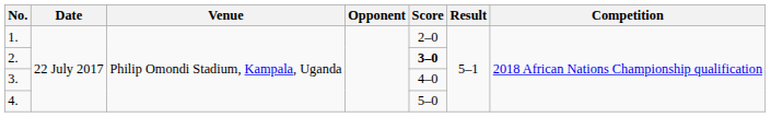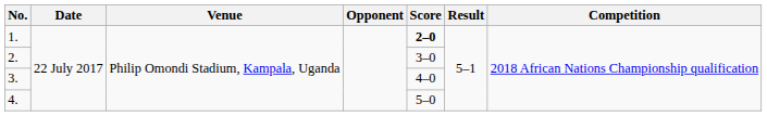 <table class="wikitable" style="font-size:100%;">
 <tr>
 <th>No.</th>
 <th>Date</th>
 <th>Venue</th>
 <th>Opponent</th>
 <th>Score</th>
 <th>Result</th>
 <th>Competition</th>
 </tr>
 <tr>
 <td>1.</td>
 <td rowspan="4">22 July 2017</td>
 <td rowspan="4">Philip Omondi Stadium, <a href='#'>Kampala</a>, Uganda</td>
 <td rowspan="4"></td>
-<td align=center>2–0</td>
+<td align=center><strong>2–0</strong></td>
 <td rowspan="4" style="text-align:center">5–1</td>
 <td rowspan="4"><a href='#'>2018 African Nations Championship qualification</a></td>
 </tr>
 <tr>
 <td>2.</td>
-<td align=center><strong>3–0</strong></td>
+<td align=center>3–0</td>
 </tr>
 <tr>
 <td>3.</td>
 <td align=center>4–0</td>
 </tr>
 <tr>
 <td>4.</td>
 <td align=center>5–0</td>
 </tr>
 </table>
